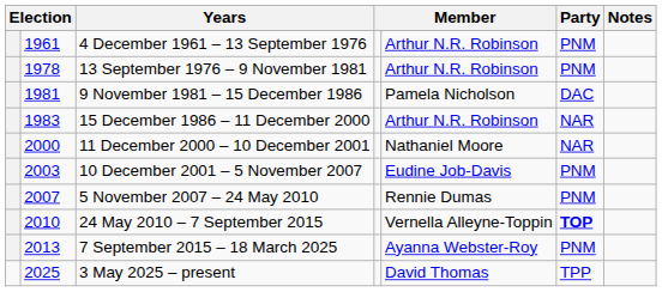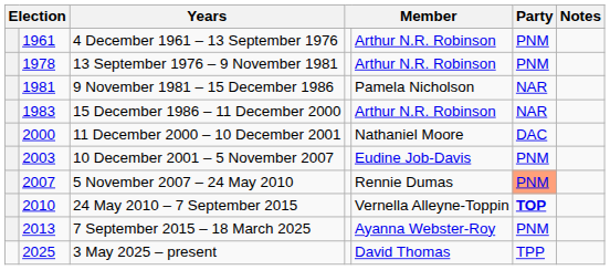 <table class="wikitable sortable" style="valign:top">
 <tr>
 <th colspan="2">Election</th>
 <th>Years</th>
 <th colspan="2">Member</th>
 <th>Party</th>
 <th>Notes</th>
 </tr>
 <tr>
 <th style="background-color: "></th>
 <td><a href='#'>1961</a></td>
 <td>4 December 1961 – 13 September 1976</td>
 <td></td>
 <td><a href='#'>Arthur N.R. Robinson</a></td>
 <td><a href='#'>PNM</a></td>
 <td></td>
 </tr>
 <tr>
 <th style="background-color: "></th>
 <td><a href='#'>1978</a></td>
 <td>13 September 1976 – 9 November 1981</td>
 <td></td>
 <td><a href='#'>Arthur N.R. Robinson</a></td>
 <td><a href='#'>PNM</a></td>
 <td></td>
 </tr>
 <tr>
 <th style="background-color: "></th>
 <td><a href='#'>1981</a></td>
 <td>9 November 1981 – 15 December 1986</td>
 <td></td>
 <td>Pamela Nicholson</td>
-<td><a href='#'>DAC</a></td>
+<td><a href='#'>NAR</a></td>
 <td></td>
 </tr>
 <tr>
 <th style="background-color: "></th>
 <td><a href='#'>1983</a></td>
 <td>15 December 1986 – 11 December 2000</td>
 <td></td>
 <td><a href='#'>Arthur N.R. Robinson</a></td>
 <td><a href='#'>NAR</a></td>
 <td></td>
 </tr>
 <tr>
 <th style="background-color: "></th>
 <td><a href='#'>2000</a></td>
 <td>11 December 2000 – 10 December 2001</td>
 <td></td>
 <td>Nathaniel Moore</td>
-<td><a href='#'>NAR</a></td>
+<td><a href='#'>DAC</a></td>
 <td></td>
 </tr>
 <tr>
 <th style="background-color: "></th>
 <td><a href='#'>2003</a></td>
 <td>10 December 2001 – 5 November 2007</td>
 <td></td>
 <td><a href='#'>Eudine Job-Davis</a></td>
 <td><a href='#'>PNM</a></td>
 <td></td>
 </tr>
 <tr>
 <th style="background-color: "></th>
 <td><a href='#'>2007</a></td>
 <td>5 November 2007 – 24 May 2010</td>
 <td></td>
 <td>Rennie Dumas</td>
-<td><a href='#'>PNM</a></td>
+<td style="background: lightsalmon;"><a href='#'>PNM</a></td>
 <td></td>
 </tr>
 <tr>
 <th style="background-color: "></th>
 <td><a href='#'>2010</a></td>
 <td>24 May 2010 – 7 September 2015</td>
 <td></td>
 <td>Vernella Alleyne-Toppin</td>
 <td><strong><a href='#'>TOP</a></strong></td>
 <td></td>
 </tr>
 <tr>
 <th style="background-color: "></th>
 <td><a href='#'>2013</a></td>
 <td>7 September 2015 – 18 March 2025</td>
 <td></td>
 <td><a href='#'>Ayanna Webster-Roy</a></td>
 <td><a href='#'>PNM</a></td>
 <td></td>
 </tr>
 <tr>
 <td style="background:"> </td>
 <td><a href='#'>2025</a></td>
 <td>3 May 2025 – present</td>
 <td></td>
 <td><a href='#'>David Thomas</a></td>
 <td><a href='#'>TPP</a></td>
 <td></td>
 </tr>
 </table>
